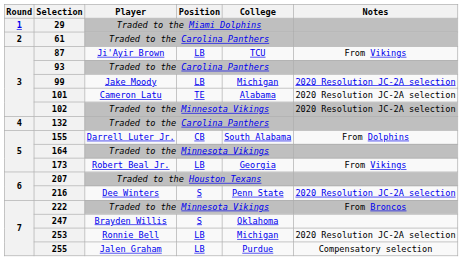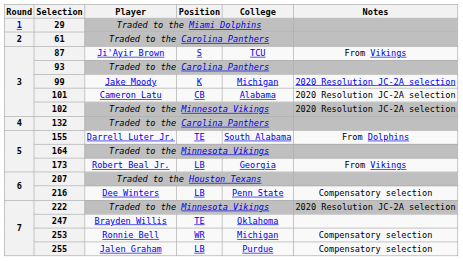 <table class="wikitable" style="text-align:center">
 <tr>
 <th>Round</th>
 <th>Selection</th>
 <th>Player</th>
 <th>Position</th>
 <th>College</th>
 <th>Notes</th>
 </tr>
 <tr>
 <th><a href='#'>1</a></th>
 <th>29</th>
 <td colspan="3" style="background:#BFBFBF"><em>Traded to the <a href='#'>Miami Dolphins</a></em></td>
 <td style="background:#BFBFBF"></td>
 </tr>
 <tr>
 <th>2</th>
 <th>61</th>
 <td colspan="3" style="background:#BFBFBF"><em>Traded to the <a href='#'>Carolina Panthers</a></em></td>
 <td style="background:#BFBFBF"></td>
 </tr>
 <tr>
 <th rowspan="5">3</th>
 <th>87</th>
 <td><a href='#'>Ji'Ayir Brown</a></td>
-<td><a href='#'>LB</a></td>
+<td><a href='#'>S</a></td>
 <td><a href='#'>TCU</a></td>
 <td>From <a href='#'>Vikings</a></td>
 </tr>
 <tr>
 <th>93</th>
 <td colspan="3" style="background:#BFBFBF"><em>Traded to the <a href='#'>Carolina Panthers</a></em></td>
 <td style="background:#BFBFBF"></td>
 </tr>
 <tr>
 <th>99</th>
 <td><a href='#'>Jake Moody</a></td>
-<td><a href='#'>LB</a></td>
+<td><a href='#'>K</a></td>
 <td><a href='#'>Michigan</a></td>
 <td><a href='#'>2020 Resolution JC-2A selection</a></td>
 </tr>
 <tr>
 <th>101</th>
 <td><a href='#'>Cameron Latu</a></td>
-<td><a href='#'>TE</a></td>
+<td><a href='#'>CB</a></td>
 <td><a href='#'>Alabama</a></td>
 <td>2020 Resolution JC-2A selection</td>
 </tr>
 <tr>
 <th>102</th>
 <td colspan="3" style="background:#BFBFBF"><em>Traded to the <a href='#'>Minnesota Vikings</a></em></td>
 <td style="background:#BFBFBF">2020 Resolution JC-2A selection</td>
 </tr>
 <tr>
 <th>4</th>
 <th>132</th>
 <td colspan="3" style="background:#BFBFBF"><em>Traded to the <a href='#'>Carolina Panthers</a></em></td>
 <td style="background:#BFBFBF"></td>
 </tr>
 <tr>
 <th rowspan="3">5</th>
 <th>155</th>
 <td><a href='#'>Darrell Luter Jr.</a></td>
-<td><a href='#'>CB</a></td>
+<td><a href='#'>TE</a></td>
 <td><a href='#'>South Alabama</a></td>
 <td>From <a href='#'>Dolphins</a></td>
 </tr>
 <tr>
 <th>164</th>
 <td colspan="3" style="background:#BFBFBF"><em>Traded to the <a href='#'>Minnesota Vikings</a></em></td>
 <td style="background:#BFBFBF"></td>
 </tr>
 <tr>
 <th>173</th>
 <td><a href='#'>Robert Beal Jr.</a></td>
 <td><a href='#'>LB</a></td>
 <td><a href='#'>Georgia</a></td>
 <td>From <a href='#'>Vikings</a></td>
 </tr>
 <tr>
 <th rowspan="2">6</th>
 <th>207</th>
 <td colspan="3" style="background:#BFBFBF"><em>Traded to the <a href='#'>Houston Texans</a></em></td>
 <td style="background:#BFBFBF"></td>
 </tr>
 <tr>
 <th>216</th>
 <td><a href='#'>Dee Winters</a></td>
-<td><a href='#'>S</a></td>
+<td><a href='#'>LB</a></td>
 <td><a href='#'>Penn State</a></td>
-<td><a href='#'>2020 Resolution JC-2A selection</a></td>
+<td>Compensatory selection</td>
 </tr>
 <tr>
 <th rowspan="4">7</th>
 <th>222</th>
 <td colspan="3" style="background:#BFBFBF"><em>Traded to the <a href='#'>Minnesota Vikings</a></em></td>
-<td style="background:#BFBFBF">From <a href='#'>Broncos</a></td>
+<td style="background:#BFBFBF">2020 Resolution JC-2A selection</td>
 </tr>
 <tr>
 <th>247</th>
 <td><a href='#'>Brayden Willis</a></td>
-<td><a href='#'>S</a></td>
+<td><a href='#'>TE</a></td>
 <td><a href='#'>Oklahoma</a></td>
 <td></td>
 </tr>
 <tr>
 <th>253</th>
 <td><a href='#'>Ronnie Bell</a></td>
-<td><a href='#'>LB</a></td>
+<td><a href='#'>WR</a></td>
 <td><a href='#'>Michigan</a></td>
-<td>2020 Resolution JC-2A selection</td>
+<td>Compensatory selection</td>
 </tr>
 <tr>
 <th>255</th>
 <td><a href='#'>Jalen Graham</a></td>
 <td><a href='#'>LB</a></td>
 <td><a href='#'>Purdue</a></td>
 <td>Compensatory selection</td>
 </tr>
 </table>
